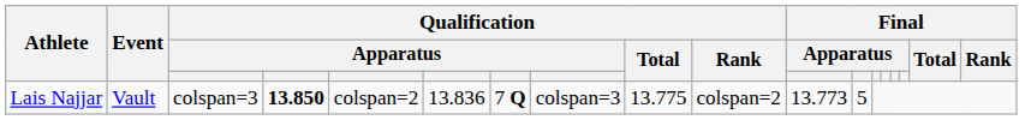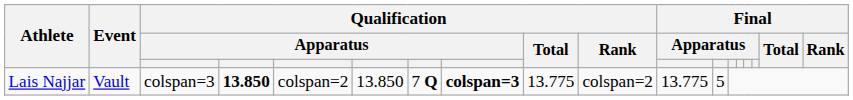 <table class="wikitable" style="font-size:90%">
 <tr>
 <th rowspan=3>Athlete</th>
 <th rowspan=3>Event</th>
 <th colspan =8>Qualification</th>
 <th colspan =8>Final</th>
 </tr>
 <tr style="font-size:95%">
 <th colspan=6>Apparatus</th>
 <th rowspan=2>Total</th>
 <th rowspan=2>Rank</th>
 <th colspan=6>Apparatus</th>
 <th rowspan=2>Total</th>
 <th rowspan=2>Rank</th>
 </tr>
 <tr style="font-size:95%">
 <th></th>
 <th></th>
 <th></th>
 <th></th>
 <th></th>
 <th></th>
 <th></th>
 <th></th>
 <th></th>
 <th></th>
 <th></th>
 <th></th>
 </tr>
 <tr align=center>
 <td align=left><a href='#'>Lais Najjar</a></td>
 <td align=left><a href='#'>Vault</a></td>
 <td>colspan=3 </td>
 <td><strong>13.850</strong></td>
 <td>colspan=2 </td>
-<td>13.836</td>
+<td>13.850</td>
 <td>7 <strong>Q</strong></td>
-<td>colspan=3 </td>
+<td><strong>colspan=3 </strong></td>
 <td>13.775</td>
 <td>colspan=2 </td>
-<td>13.773</td>
+<td>13.775</td>
 <td>5</td>
 </tr>
 </table>
